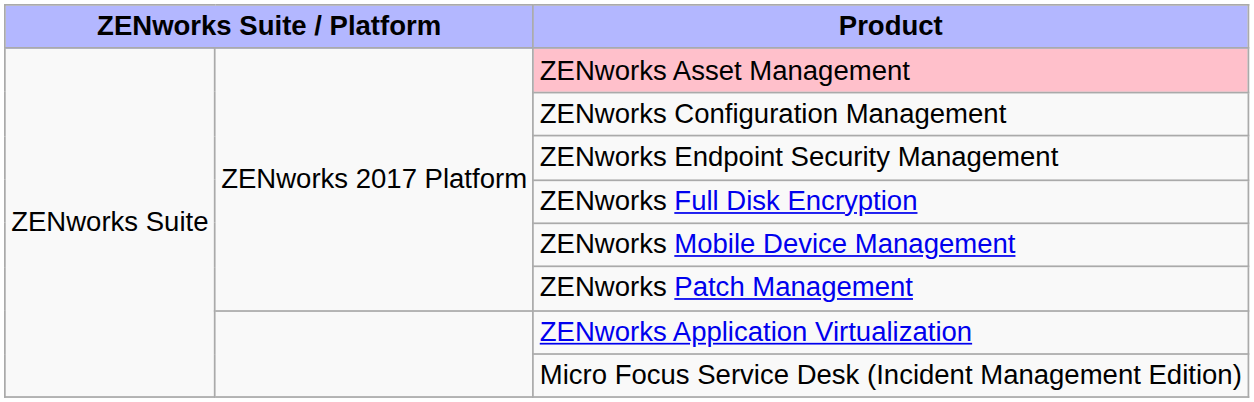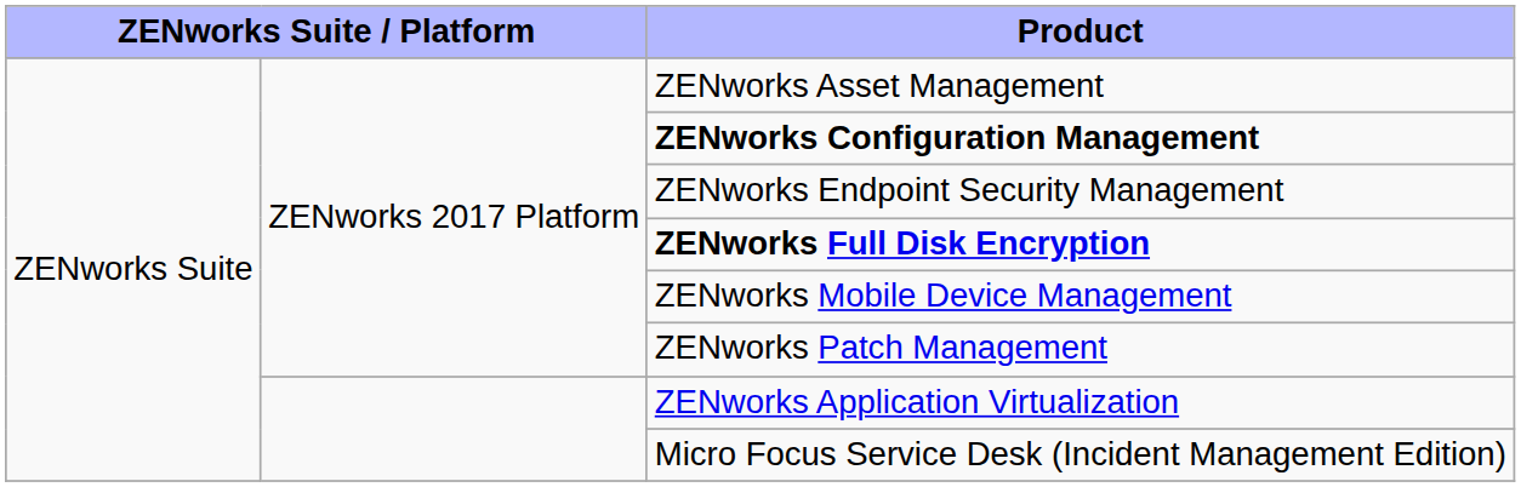 <table class="wikitable mw-datatable">
 <tr>
 <th colspan="2" style="text-align: center;background:#B3B7FF">ZENworks Suite / Platform</th>
 <th style="text-align: center;background:#B3B7FF">Product</th>
 </tr>
 <tr>
 <td rowspan="8">ZENworks Suite</td>
 <td rowspan="6">ZENworks 2017 Platform</td>
-<td style="background: pink;">ZENworks Asset Management</td>
+<td>ZENworks Asset Management</td>
 </tr>
 <tr>
-<td>ZENworks Configuration Management</td>
+<td><strong>ZENworks Configuration Management</strong></td>
 </tr>
 <tr>
 <td>ZENworks Endpoint Security Management</td>
 </tr>
 <tr>
-<td>ZENworks <a href='#'>Full Disk Encryption</a></td>
+<td><strong>ZENworks <a href='#'>Full Disk Encryption</a></strong></td>
 </tr>
 <tr>
 <td>ZENworks <a href='#'>Mobile Device Management</a></td>
 </tr>
 <tr>
 <td>ZENworks <a href='#'>Patch Management</a></td>
 </tr>
 <tr>
 <td rowspan="2"></td>
 <td><a href='#'>ZENworks Application Virtualization</a></td>
 </tr>
 <tr>
 <td>Micro Focus Service Desk (Incident Management Edition)</td>
 </tr>
 </table>
